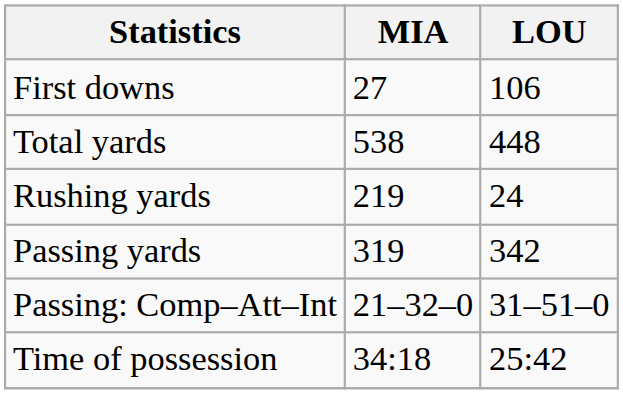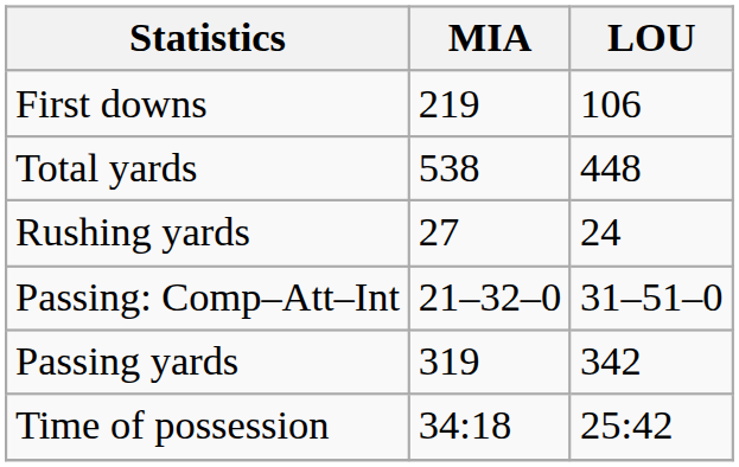 <table class="wikitable" style="float: left;">
 <tr>
 <th>Statistics</th>
 <th>MIA</th>
 <th>LOU</th>
 </tr>
 <tr>
 <td>First downs</td>
-<td>27</td>
+<td>219</td>
 <td>106</td>
 </tr>
 <tr>
 <td>Total yards</td>
 <td>538</td>
 <td>448</td>
 </tr>
 <tr>
 <td>Rushing yards</td>
-<td>219</td>
+<td>27</td>
 <td>24</td>
+</tr>
+<tr>
+<td>Passing: Comp–Att–Int</td>
+<td>21–32–0</td>
+<td>31–51–0</td>
 </tr>
 <tr>
 <td>Passing yards</td>
 <td>319</td>
 <td>342</td>
-</tr>
-<tr>
-<td>Passing: Comp–Att–Int</td>
-<td>21–32–0</td>
-<td>31–51–0</td>
 </tr>
 <tr>
 <td>Time of possession</td>
 <td>34:18</td>
 <td>25:42</td>
 </tr>
 <tr>
 </tr>
 </table>
